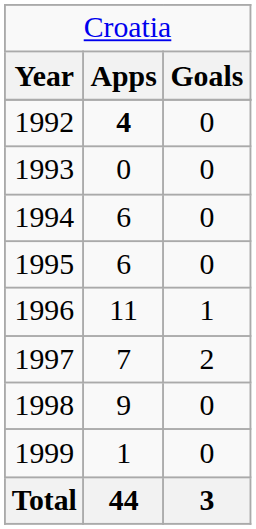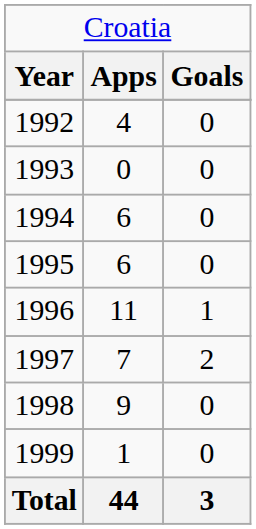 <table class="wikitable" style="text-align:center">
 <tr>
 <td colspan=3><a href='#'>Croatia</a></td>
 </tr>
 <tr>
 <th>Year</th>
 <th>Apps</th>
 <th>Goals</th>
 </tr>
 <tr>
 </tr>
 <tr>
 <td>1992</td>
-<td><strong>4</strong></td>
+<td>4</td>
 <td>0</td>
 </tr>
 <tr>
 <td>1993</td>
 <td>0</td>
 <td>0</td>
 </tr>
 <tr>
 <td>1994</td>
 <td>6</td>
 <td>0</td>
 </tr>
 <tr>
 <td>1995</td>
 <td>6</td>
 <td>0</td>
 </tr>
 <tr>
 <td>1996</td>
 <td>11</td>
 <td>1</td>
 </tr>
 <tr>
 <td>1997</td>
 <td>7</td>
 <td>2</td>
 </tr>
 <tr>
 <td>1998</td>
 <td>9</td>
 <td>0</td>
 </tr>
 <tr>
 <td>1999</td>
 <td>1</td>
 <td>0</td>
 </tr>
 <tr>
 <th>Total</th>
 <th>44</th>
 <th>3</th>
 </tr>
 </table>
